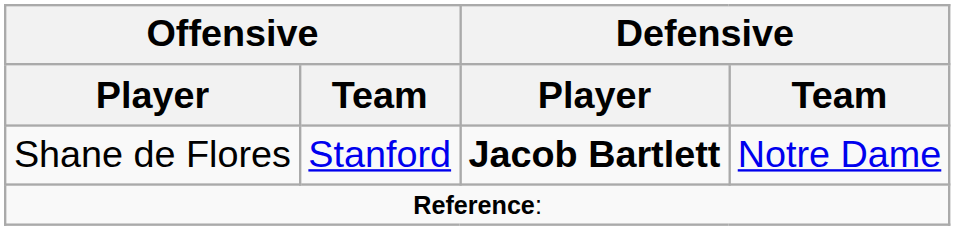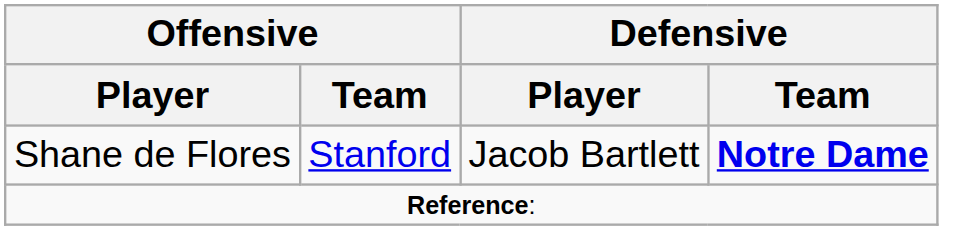 <table class="wikitable" style="text-align: center;">
 <tr>
 <th colspan="2">Offensive</th>
 <th colspan="2">Defensive</th>
 </tr>
 <tr>
 <th>Player</th>
 <th>Team</th>
 <th>Player</th>
 <th>Team</th>
 </tr>
 <tr>
 <td>Shane de Flores</td>
 <td><a href='#'>Stanford</a></td>
-<td><strong>Jacob Bartlett</strong></td>
-<td><a href='#'>Notre Dame</a></td>
+<td>Jacob Bartlett</td>
+<td><strong><a href='#'>Notre Dame</a></strong></td>
 </tr>
 <tr>
 <td colspan="4"  style="font-size:8pt; text-align:center;"><strong>Reference</strong>:</td>
 </tr>
 </table>
